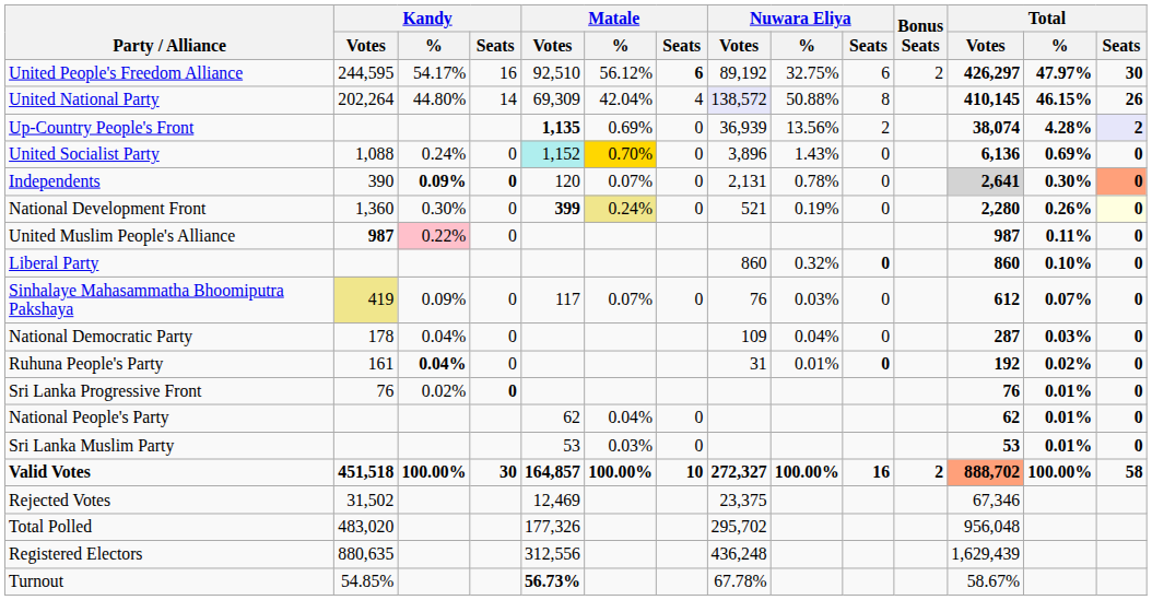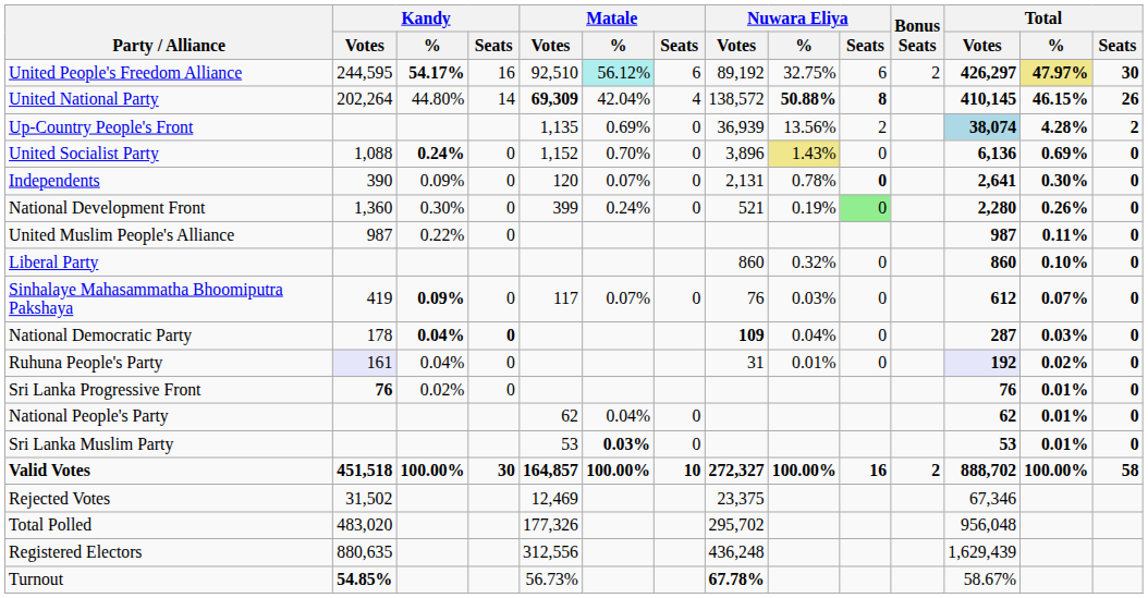 <table class="wikitable" border="1" style="text-align:right;">
 <tr>
 <th valign=bottom rowspan=2 width="300">Party / Alliance</th>
 <th colspan=3><a href='#'>Kandy</a></th>
 <th colspan=3><a href='#'>Matale</a></th>
 <th colspan=3><a href='#'>Nuwara Eliya</a></th>
 <th valign=bottom rowspan=2 width="40">Bonus<br>Seats</th>
 <th colspan=3>Total</th>
 </tr>
 <tr>
 <th align=center valign=bottom width="50">Votes</th>
 <th align=center valign=bottom width="50">%</th>
 <th align=center valign=bottom width="40">Seats</th>
 <th align=center valign=bottom width="50">Votes</th>
 <th align=center valign=bottom width="50">%</th>
 <th align=center valign=bottom width="40">Seats</th>
 <th align=center valign=bottom width="50">Votes</th>
 <th align=center valign=bottom width="50">%</th>
 <th align=center valign=bottom width="40">Seats</th>
 <th align=center valign=bottom width="50">Votes</th>
 <th align=center valign=bottom width="50">%</th>
 <th align=center valign=bottom width="40">Seats</th>
 </tr>
 <tr>
 <td align=left><a href='#'>United People's Freedom Alliance</a></td>
 <td>244,595</td>
-<td>54.17%</td>
+<td><strong>54.17%</strong></td>
 <td>16</td>
 <td>92,510</td>
-<td>56.12%</td>
-<td><strong>6</strong></td>
+<td style="background: paleturquoise;">56.12%</td>
+<td>6</td>
 <td>89,192</td>
 <td>32.75%</td>
 <td>6</td>
 <td>2</td>
 <td><strong>426,297</strong></td>
-<td><strong>47.97%</strong></td>
+<td style="background: khaki;"><strong>47.97%</strong></td>
 <td><strong>30</strong></td>
 </tr>
 <tr>
 <td align=left><a href='#'>United National Party</a></td>
 <td>202,264</td>
 <td>44.80%</td>
 <td>14</td>
-<td>69,309</td>
+<td><strong>69,309</strong></td>
 <td>42.04%</td>
 <td>4</td>
-<td style="background: lavender;">138,572</td>
-<td>50.88%</td>
-<td>8</td>
+<td>138,572</td>
+<td><strong>50.88%</strong></td>
+<td><strong>8</strong></td>
 <td></td>
 <td><strong>410,145</strong></td>
 <td><strong>46.15%</strong></td>
 <td><strong>26</strong></td>
 </tr>
 <tr>
 <td align=left><a href='#'>Up-Country People's Front</a></td>
 <td></td>
 <td></td>
 <td></td>
-<td><strong>1,135</strong></td>
+<td>1,135</td>
 <td>0.69%</td>
 <td>0</td>
 <td>36,939</td>
 <td>13.56%</td>
 <td>2</td>
 <td></td>
-<td><strong>38,074</strong></td>
+<td style="background: lightblue;"><strong>38,074</strong></td>
 <td><strong>4.28%</strong></td>
-<td style="background: lavender;"><strong>2</strong></td>
+<td><strong>2</strong></td>
 </tr>
 <tr>
 <td align=left><a href='#'>United Socialist Party</a></td>
 <td>1,088</td>
-<td>0.24%</td>
+<td><strong>0.24%</strong></td>
 <td>0</td>
-<td style="background: paleturquoise;">1,152</td>
-<td style="background: gold;">0.70%</td>
+<td>1,152</td>
+<td>0.70%</td>
 <td>0</td>
 <td>3,896</td>
-<td>1.43%</td>
+<td style="background: khaki;">1.43%</td>
 <td>0</td>
 <td></td>
 <td><strong>6,136</strong></td>
 <td><strong>0.69%</strong></td>
 <td><strong>0</strong></td>
 </tr>
 <tr>
 <td align=left><a href='#'>Independents</a></td>
 <td>390</td>
-<td><strong>0.09%</strong></td>
-<td><strong>0</strong></td>
+<td>0.09%</td>
+<td>0</td>
 <td>120</td>
 <td>0.07%</td>
 <td>0</td>
 <td>2,131</td>
 <td>0.78%</td>
-<td>0</td>
+<td><strong>0</strong></td>
 <td></td>
-<td style="background: lightgrey;"><strong>2,641</strong></td>
+<td><strong>2,641</strong></td>
 <td><strong>0.30%</strong></td>
-<td style="background: lightsalmon;"><strong>0</strong></td>
+<td><strong>0</strong></td>
 </tr>
 <tr>
 <td align=left>National Development Front</td>
 <td>1,360</td>
 <td>0.30%</td>
 <td>0</td>
-<td><strong>399</strong></td>
-<td style="background: khaki;">0.24%</td>
+<td>399</td>
+<td>0.24%</td>
 <td>0</td>
 <td>521</td>
 <td>0.19%</td>
-<td>0</td>
+<td style="background: lightgreen;">0</td>
 <td></td>
 <td><strong>2,280</strong></td>
 <td><strong>0.26%</strong></td>
-<td style="background: lightyellow;"><strong>0</strong></td>
+<td><strong>0</strong></td>
 </tr>
 <tr>
 <td align=left>United Muslim People's Alliance</td>
-<td><strong>987</strong></td>
-<td style="background: pink;">0.22%</td>
+<td>987</td>
+<td>0.22%</td>
 <td>0</td>
 <td></td>
 <td></td>
 <td></td>
 <td></td>
 <td></td>
 <td></td>
 <td></td>
 <td><strong>987</strong></td>
 <td><strong>0.11%</strong></td>
 <td><strong>0</strong></td>
 </tr>
 <tr>
 <td align=left><a href='#'>Liberal Party</a></td>
 <td></td>
 <td></td>
 <td></td>
 <td></td>
 <td></td>
 <td></td>
 <td>860</td>
 <td>0.32%</td>
-<td><strong>0</strong></td>
+<td>0</td>
 <td></td>
 <td><strong>860</strong></td>
 <td><strong>0.10%</strong></td>
 <td><strong>0</strong></td>
 </tr>
 <tr>
 <td align=left><a href='#'>Sinhalaye Mahasammatha Bhoomiputra Pakshaya</a></td>
-<td style="background: khaki;">419</td>
-<td>0.09%</td>
+<td>419</td>
+<td><strong>0.09%</strong></td>
 <td>0</td>
 <td>117</td>
 <td>0.07%</td>
 <td>0</td>
 <td>76</td>
 <td>0.03%</td>
 <td>0</td>
 <td></td>
 <td><strong>612</strong></td>
 <td><strong>0.07%</strong></td>
 <td><strong>0</strong></td>
 </tr>
 <tr>
 <td align=left>National Democratic Party</td>
 <td>178</td>
-<td>0.04%</td>
-<td>0</td>
+<td><strong>0.04%</strong></td>
+<td><strong>0</strong></td>
 <td></td>
 <td></td>
 <td></td>
-<td>109</td>
+<td><strong>109</strong></td>
 <td>0.04%</td>
 <td>0</td>
 <td></td>
 <td><strong>287</strong></td>
 <td><strong>0.03%</strong></td>
 <td><strong>0</strong></td>
 </tr>
 <tr>
 <td align=left>Ruhuna People's Party</td>
-<td>161</td>
-<td><strong>0.04%</strong></td>
+<td style="background: lavender;">161</td>
+<td>0.04%</td>
 <td>0</td>
 <td></td>
 <td></td>
 <td></td>
 <td>31</td>
 <td>0.01%</td>
-<td><strong>0</strong></td>
+<td>0</td>
 <td></td>
-<td><strong>192</strong></td>
+<td style="background: lavender;"><strong>192</strong></td>
 <td><strong>0.02%</strong></td>
 <td><strong>0</strong></td>
 </tr>
 <tr>
 <td align=left>Sri Lanka Progressive Front</td>
-<td>76</td>
+<td><strong>76</strong></td>
 <td>0.02%</td>
-<td><strong>0</strong></td>
+<td>0</td>
 <td></td>
 <td></td>
 <td></td>
 <td></td>
 <td></td>
 <td></td>
 <td></td>
 <td><strong>76</strong></td>
 <td><strong>0.01%</strong></td>
 <td><strong>0</strong></td>
 </tr>
 <tr>
 <td align=left>National People's Party</td>
 <td></td>
 <td></td>
 <td></td>
 <td>62</td>
 <td>0.04%</td>
 <td>0</td>
 <td></td>
 <td></td>
 <td></td>
 <td></td>
 <td><strong>62</strong></td>
 <td><strong>0.01%</strong></td>
 <td><strong>0</strong></td>
 </tr>
 <tr>
 <td align=left>Sri Lanka Muslim Party</td>
 <td></td>
 <td></td>
 <td></td>
 <td>53</td>
-<td>0.03%</td>
+<td><strong>0.03%</strong></td>
 <td>0</td>
 <td></td>
 <td></td>
 <td></td>
 <td></td>
 <td><strong>53</strong></td>
 <td><strong>0.01%</strong></td>
 <td><strong>0</strong></td>
 </tr>
 <tr>
 <td align=left><strong>Valid Votes</strong></td>
 <td><strong>451,518</strong></td>
 <td><strong>100.00%</strong></td>
 <td><strong>30</strong></td>
 <td><strong>164,857</strong></td>
 <td><strong>100.00%</strong></td>
 <td><strong>10</strong></td>
 <td><strong>272,327</strong></td>
 <td><strong>100.00%</strong></td>
 <td><strong>16</strong></td>
 <td><strong>2</strong></td>
-<td style="background: lightsalmon;"><strong>888,702</strong></td>
+<td><strong>888,702</strong></td>
 <td><strong>100.00%</strong></td>
 <td><strong>58</strong></td>
 </tr>
 <tr>
 <td align=left>Rejected Votes</td>
 <td>31,502</td>
 <td></td>
 <td></td>
 <td>12,469</td>
 <td></td>
 <td></td>
 <td>23,375</td>
 <td></td>
 <td></td>
 <td></td>
 <td>67,346</td>
 <td></td>
 <td></td>
 </tr>
 <tr>
 <td align=left>Total Polled</td>
 <td>483,020</td>
 <td></td>
 <td></td>
 <td>177,326</td>
 <td></td>
 <td></td>
 <td>295,702</td>
 <td></td>
 <td></td>
 <td></td>
 <td>956,048</td>
 <td></td>
 <td></td>
 </tr>
 <tr>
 <td align=left>Registered Electors</td>
 <td>880,635</td>
 <td></td>
 <td></td>
 <td>312,556</td>
 <td></td>
 <td></td>
 <td>436,248</td>
 <td></td>
 <td></td>
 <td></td>
 <td>1,629,439</td>
 <td></td>
 <td></td>
 </tr>
 <tr>
 <td align=left>Turnout</td>
-<td>54.85%</td>
+<td><strong>54.85%</strong></td>
 <td></td>
 <td></td>
-<td><strong>56.73%</strong></td>
+<td>56.73%</td>
 <td></td>
 <td></td>
-<td>67.78%</td>
+<td><strong>67.78%</strong></td>
 <td></td>
 <td></td>
 <td></td>
 <td>58.67%</td>
 <td></td>
 <td></td>
 </tr>
 </table>
